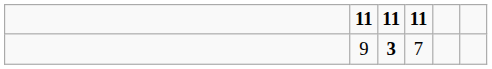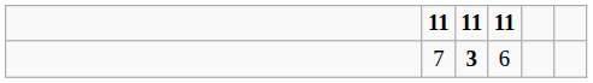 <table class="wikitable">
 <tr>
 <td style="width:18em"><strong></strong></td>
 <td align=center style="width:1em"><strong>11</strong></td>
 <td align=center style="width:1em"><strong>11</strong></td>
 <td align=center style="width:1em"><strong>11</strong></td>
 <td align=center style="width:1em"></td>
 <td align=center style="width:1em"></td>
 </tr>
 <tr>
 <td style="width:18em"></td>
-<td align=center style="width:1em">9</td>
+<td align=center style="width:1em">7</td>
 <td align=center style="width:1em"><strong>3</strong></td>
-<td align=center style="width:1em">7</td>
+<td align=center style="width:1em">6</td>
 <td align=center style="width:1em"></td>
 <td align=center style="width:1em"></td>
 </tr>
 </table>
